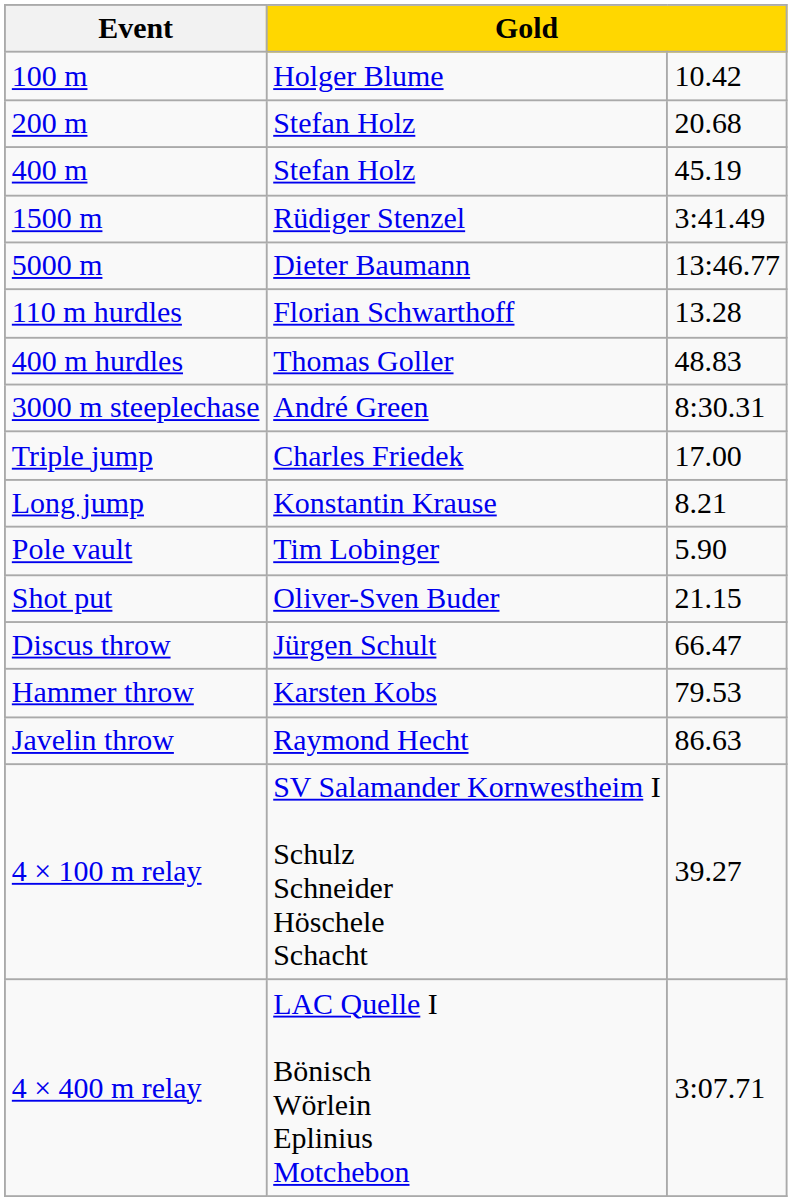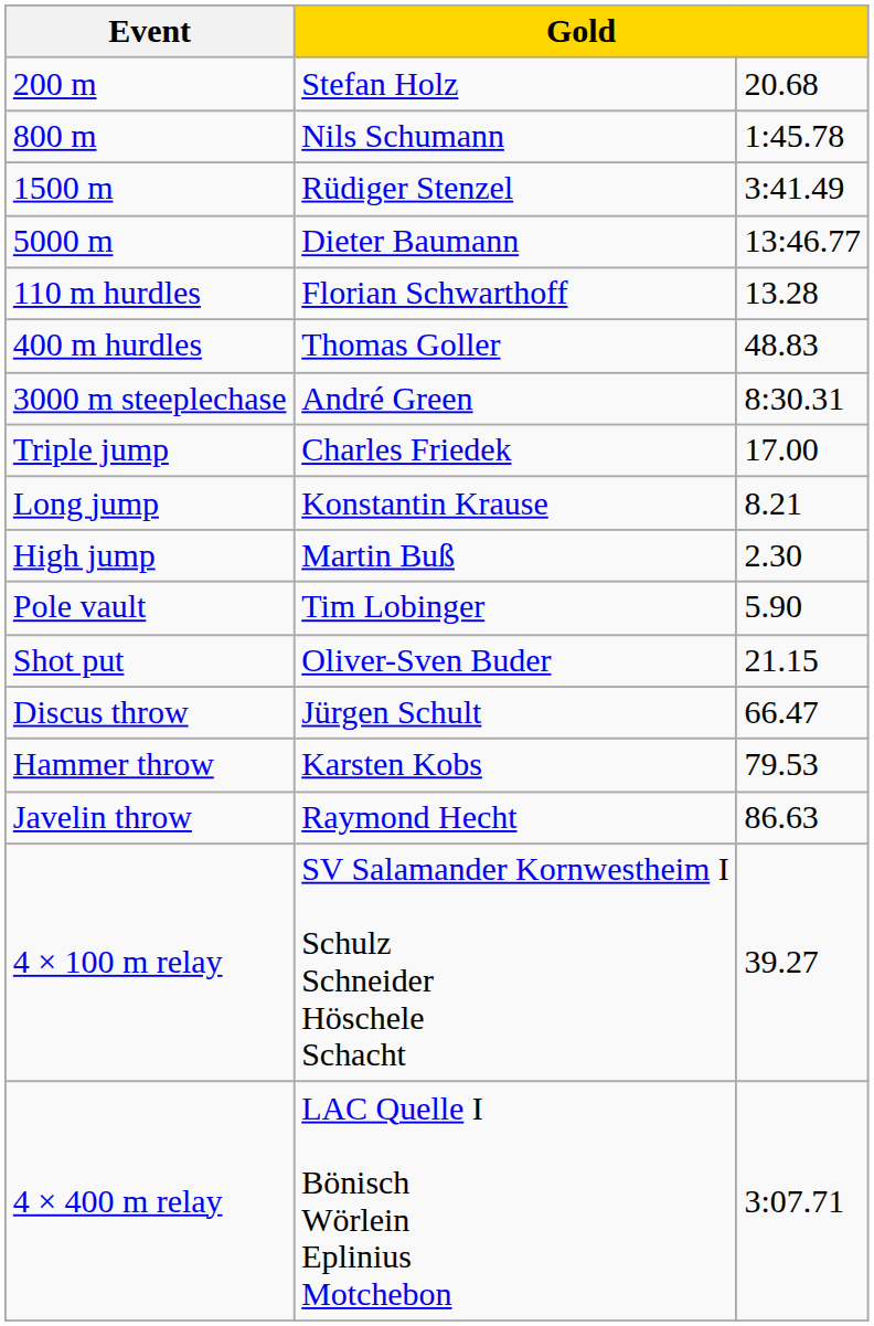 <table class="wikitable">
 <tr>
 <th>Event</th>
 <th style="background:gold;" colspan=2>Gold</th>
-</tr>
-<tr>
-<td><a href='#'>100 m</a></td>
-<td><a href='#'>Holger Blume</a></td>
-<td>10.42</td>
 </tr>
 <tr>
 <td><a href='#'>200 m</a></td>
 <td><a href='#'>Stefan Holz</a></td>
 <td>20.68</td>
 </tr>
 <tr>
-<td><a href='#'>400 m</a></td>
-<td><a href='#'>Stefan Holz</a></td>
-<td>45.19</td>
+<td><a href='#'>800 m</a></td>
+<td><a href='#'>Nils Schumann</a></td>
+<td>1:45.78</td>
 </tr>
 <tr>
 <td><a href='#'>1500 m</a></td>
 <td><a href='#'>Rüdiger Stenzel</a></td>
 <td>3:41.49</td>
 </tr>
 <tr>
 <td><a href='#'>5000 m</a></td>
 <td><a href='#'>Dieter Baumann</a></td>
 <td>13:46.77</td>
 </tr>
 <tr>
 <td><a href='#'>110 m hurdles</a></td>
 <td><a href='#'>Florian Schwarthoff</a></td>
 <td>13.28</td>
 </tr>
 <tr>
 <td><a href='#'>400 m hurdles</a></td>
 <td><a href='#'>Thomas Goller</a></td>
 <td>48.83</td>
 </tr>
 <tr>
 <td><a href='#'>3000 m steeplechase</a></td>
 <td><a href='#'>André Green</a></td>
 <td>8:30.31</td>
 </tr>
 <tr>
 <td><a href='#'>Triple jump</a></td>
 <td><a href='#'>Charles Friedek</a></td>
 <td>17.00</td>
 </tr>
 <tr>
 <td><a href='#'>Long jump</a></td>
 <td><a href='#'>Konstantin Krause</a></td>
 <td>8.21 </td>
 </tr>
 <tr>
+<td><a href='#'>High jump</a></td>
+<td><a href='#'>Martin Buß</a></td>
+<td>2.30</td>
+</tr>
+<tr>
 <td><a href='#'>Pole vault</a></td>
 <td><a href='#'>Tim Lobinger</a></td>
 <td>5.90</td>
 </tr>
 <tr>
 <td><a href='#'>Shot put</a></td>
 <td><a href='#'>Oliver-Sven Buder</a></td>
 <td>21.15 </td>
 </tr>
 <tr>
 <td><a href='#'>Discus throw</a></td>
 <td><a href='#'>Jürgen Schult</a></td>
 <td>66.47</td>
 </tr>
 <tr>
 <td><a href='#'>Hammer throw</a></td>
 <td><a href='#'>Karsten Kobs</a></td>
 <td>79.53</td>
 </tr>
 <tr>
 <td><a href='#'>Javelin throw</a></td>
 <td><a href='#'>Raymond Hecht</a></td>
 <td>86.63</td>
 </tr>
 <tr>
 <td><a href='#'>4 × 100 m relay</a></td>
 <td><a href='#'>SV Salamander Kornwestheim</a> I <br><br>Schulz <br> Schneider <br> Höschele <br> Schacht</td>
 <td>39.27</td>
 </tr>
 <tr>
 <td><a href='#'>4 × 400 m relay</a></td>
 <td><a href='#'>LAC Quelle</a> I <br><br>Bönisch <br> Wörlein <br> Eplinius <br> <a href='#'>Motchebon</a></td>
 <td>3:07.71</td>
 </tr>
 </table>
